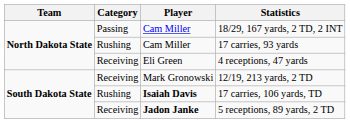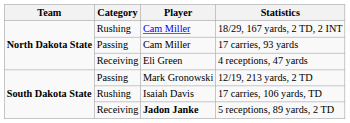 <table class="wikitable" style="float: left;">
 <tr>
 <th>Team</th>
 <th>Category</th>
 <th>Player</th>
 <th>Statistics</th>
 </tr>
 <tr>
 <td rowspan=3><strong>North Dakota State</strong></td>
-<td>Passing</td>
+<td>Rushing</td>
 <td><a href='#'>Cam Miller</a></td>
 <td>18/29, 167 yards, 2 TD, 2 INT</td>
 </tr>
 <tr>
-<td>Rushing</td>
+<td>Passing</td>
 <td>Cam Miller</td>
 <td>17 carries, 93 yards</td>
 </tr>
 <tr>
 <td>Receiving</td>
 <td>Eli Green</td>
 <td>4 receptions, 47 yards</td>
 </tr>
 <tr>
 <td rowspan=3><strong>South Dakota State</strong></td>
-<td>Receiving</td>
+<td>Passing</td>
 <td>Mark Gronowski</td>
 <td>12/19, 213 yards, 2 TD</td>
 </tr>
 <tr>
 <td>Rushing</td>
-<td><strong>Isaiah Davis</strong></td>
+<td>Isaiah Davis</td>
 <td>17 carries, 106 yards, TD</td>
 </tr>
 <tr>
 <td>Receiving</td>
 <td><strong>Jadon Janke</strong></td>
 <td>5 receptions, 89 yards, 2 TD</td>
 </tr>
 </table>
